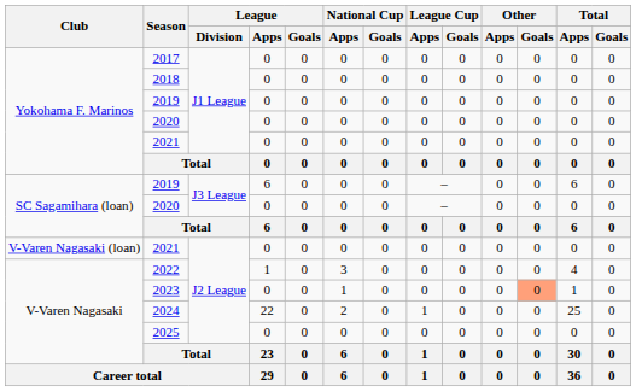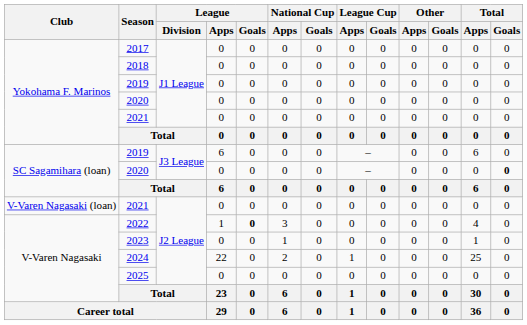 <table class="wikitable" style="text-align: center">
 <tr>
 <th rowspan="2">Club</th>
 <th rowspan="2">Season</th>
 <th colspan="3">League</th>
 <th colspan="2">National Cup</th>
 <th colspan="2">League Cup</th>
 <th colspan="2">Other</th>
 <th colspan="2">Total</th>
 </tr>
 <tr>
 <th>Division</th>
 <th>Apps</th>
 <th>Goals</th>
 <th>Apps</th>
 <th>Goals</th>
 <th>Apps</th>
 <th>Goals</th>
 <th>Apps</th>
 <th>Goals</th>
 <th>Apps</th>
 <th>Goals</th>
 </tr>
 <tr>
 <td rowspan="6"><a href='#'>Yokohama F. Marinos</a></td>
 <td><a href='#'>2017</a></td>
 <td rowspan="5"><a href='#'>J1 League</a></td>
 <td>0</td>
 <td>0</td>
 <td>0</td>
 <td>0</td>
 <td>0</td>
 <td>0</td>
 <td>0</td>
 <td>0</td>
 <td>0</td>
 <td>0</td>
 </tr>
 <tr>
 <td><a href='#'>2018</a></td>
 <td>0</td>
 <td>0</td>
 <td>0</td>
 <td>0</td>
 <td>0</td>
 <td>0</td>
 <td>0</td>
 <td>0</td>
 <td>0</td>
 <td>0</td>
 </tr>
 <tr>
 <td><a href='#'>2019</a></td>
 <td>0</td>
 <td>0</td>
 <td>0</td>
 <td>0</td>
 <td>0</td>
 <td>0</td>
 <td>0</td>
 <td>0</td>
 <td>0</td>
 <td>0</td>
 </tr>
 <tr>
 <td><a href='#'>2020</a></td>
 <td>0</td>
 <td>0</td>
 <td>0</td>
 <td>0</td>
 <td>0</td>
 <td>0</td>
 <td>0</td>
 <td>0</td>
 <td>0</td>
 <td>0</td>
 </tr>
 <tr>
 <td><a href='#'>2021</a></td>
 <td>0</td>
 <td>0</td>
 <td>0</td>
 <td>0</td>
 <td>0</td>
 <td>0</td>
 <td>0</td>
 <td>0</td>
 <td>0</td>
 <td>0</td>
 </tr>
 <tr>
 <th colspan=2>Total</th>
 <th>0</th>
 <th>0</th>
 <th>0</th>
 <th>0</th>
 <th>0</th>
 <th>0</th>
 <th>0</th>
 <th>0</th>
 <th>0</th>
 <th>0</th>
 </tr>
 <tr>
 <td rowspan="3"><a href='#'>SC Sagamihara</a> (loan)</td>
 <td><a href='#'>2019</a></td>
 <td rowspan="2"><a href='#'>J3 League</a></td>
 <td>6</td>
 <td>0</td>
 <td>0</td>
 <td>0</td>
 <td colspan="2">–</td>
 <td>0</td>
 <td>0</td>
 <td>6</td>
 <td>0</td>
 </tr>
 <tr>
 <td><a href='#'>2020</a></td>
 <td>0</td>
 <td>0</td>
 <td>0</td>
 <td>0</td>
 <td colspan="2">–</td>
 <td>0</td>
 <td>0</td>
 <td>0</td>
-<td>0</td>
+<td><strong>0</strong></td>
 </tr>
 <tr>
 <th colspan=2>Total</th>
 <th>6</th>
 <th>0</th>
 <th>0</th>
 <th>0</th>
 <th>0</th>
 <th>0</th>
 <th>0</th>
 <th>0</th>
 <th>6</th>
 <th>0</th>
 </tr>
 <tr>
 <td><a href='#'>V-Varen Nagasaki</a> (loan)</td>
 <td><a href='#'>2021</a></td>
 <td rowspan="5"><a href='#'>J2 League</a></td>
 <td>0</td>
 <td>0</td>
 <td>0</td>
 <td>0</td>
 <td>0</td>
 <td>0</td>
 <td>0</td>
 <td>0</td>
 <td>0</td>
 <td>0</td>
 </tr>
 <tr>
 <td rowspan="5">V-Varen Nagasaki</td>
 <td><a href='#'>2022</a></td>
 <td>1</td>
-<td>0</td>
+<td><strong>0</strong></td>
 <td>3</td>
 <td>0</td>
 <td>0</td>
 <td>0</td>
 <td>0</td>
 <td>0</td>
 <td>4</td>
 <td>0</td>
 </tr>
 <tr>
 <td><a href='#'>2023</a></td>
 <td>0</td>
 <td>0</td>
 <td>1</td>
 <td>0</td>
 <td>0</td>
 <td>0</td>
 <td>0</td>
-<td style="background: lightsalmon;">0</td>
+<td>0</td>
 <td>1</td>
 <td>0</td>
 </tr>
 <tr>
 <td><a href='#'>2024</a></td>
 <td>22</td>
 <td>0</td>
 <td>2</td>
 <td>0</td>
 <td>1</td>
 <td>0</td>
 <td>0</td>
 <td>0</td>
 <td>25</td>
 <td>0</td>
 </tr>
 <tr>
 <td><a href='#'>2025</a></td>
 <td>0</td>
 <td>0</td>
 <td>0</td>
 <td>0</td>
 <td>0</td>
 <td>0</td>
 <td>0</td>
 <td>0</td>
 <td>0</td>
 <td>0</td>
 </tr>
 <tr>
 <th colspan=2>Total</th>
 <th>23</th>
 <th>0</th>
 <th>6</th>
 <th>0</th>
 <th>1</th>
 <th>0</th>
 <th>0</th>
 <th>0</th>
 <th>30</th>
 <th>0</th>
 </tr>
 <tr>
 <th colspan=3>Career total</th>
 <th>29</th>
 <th>0</th>
 <th>6</th>
 <th>0</th>
 <th>1</th>
 <th>0</th>
 <th>0</th>
 <th>0</th>
 <th>36</th>
 <th>0</th>
 </tr>
 </table>
